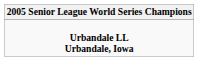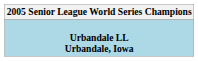 <table class="wikitable" style="text-align: center; margin: 0 auto;">
 <tr>
 <th>2005 Senior League World Series Champions</th>
 </tr>
 <tr>
 </tr>
 <tr>
-<td><br><strong>Urbandale LL</strong><br> <strong>Urbandale, Iowa</strong></td>
+<td style="background: lightblue;"><br><strong>Urbandale LL</strong><br> <strong>Urbandale, Iowa</strong></td>
 </tr>
 </table>
